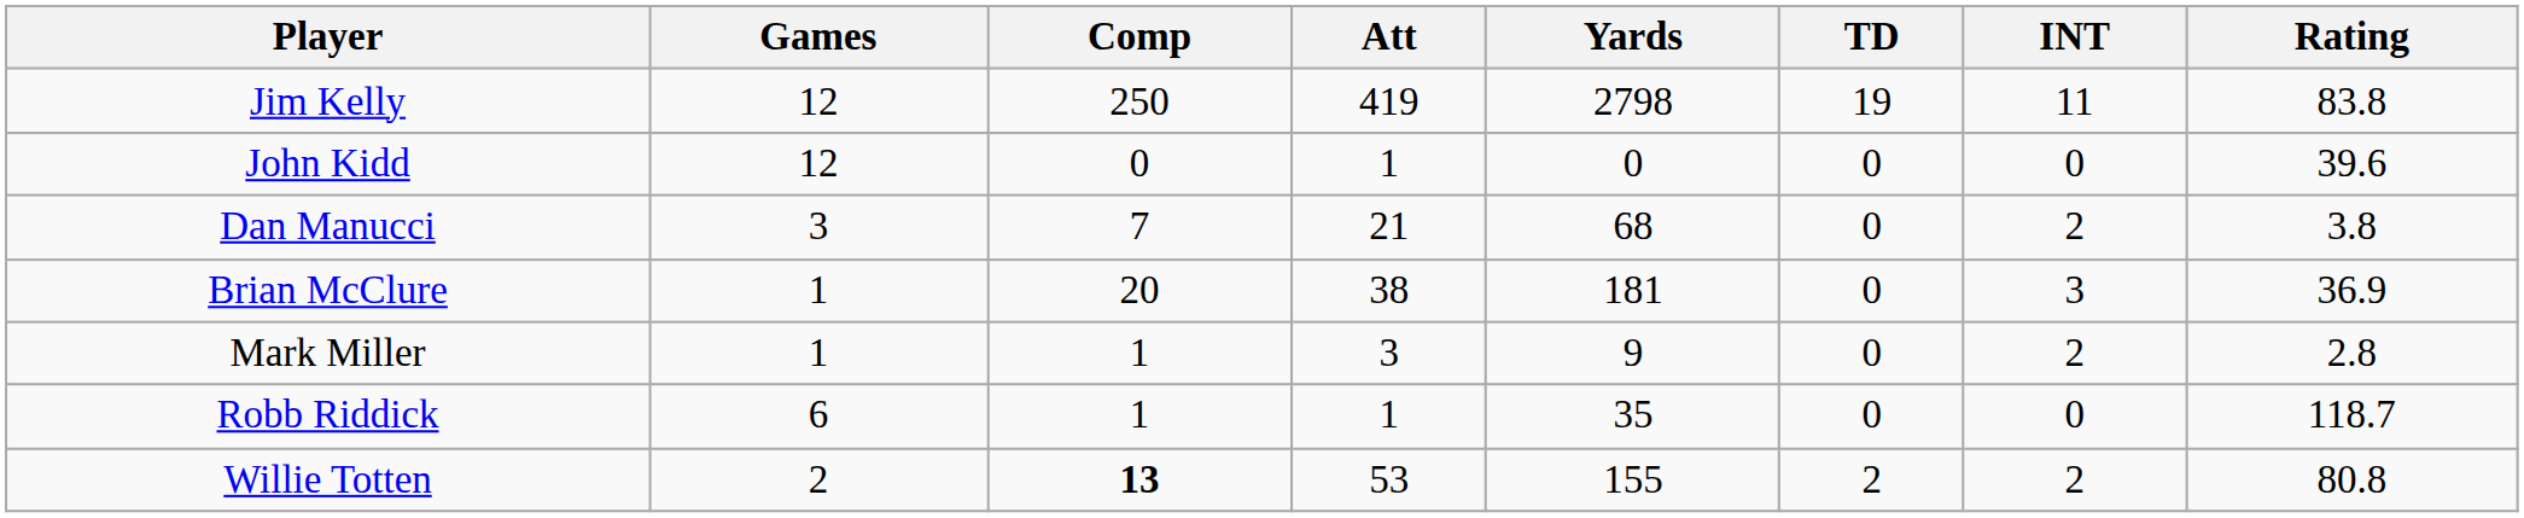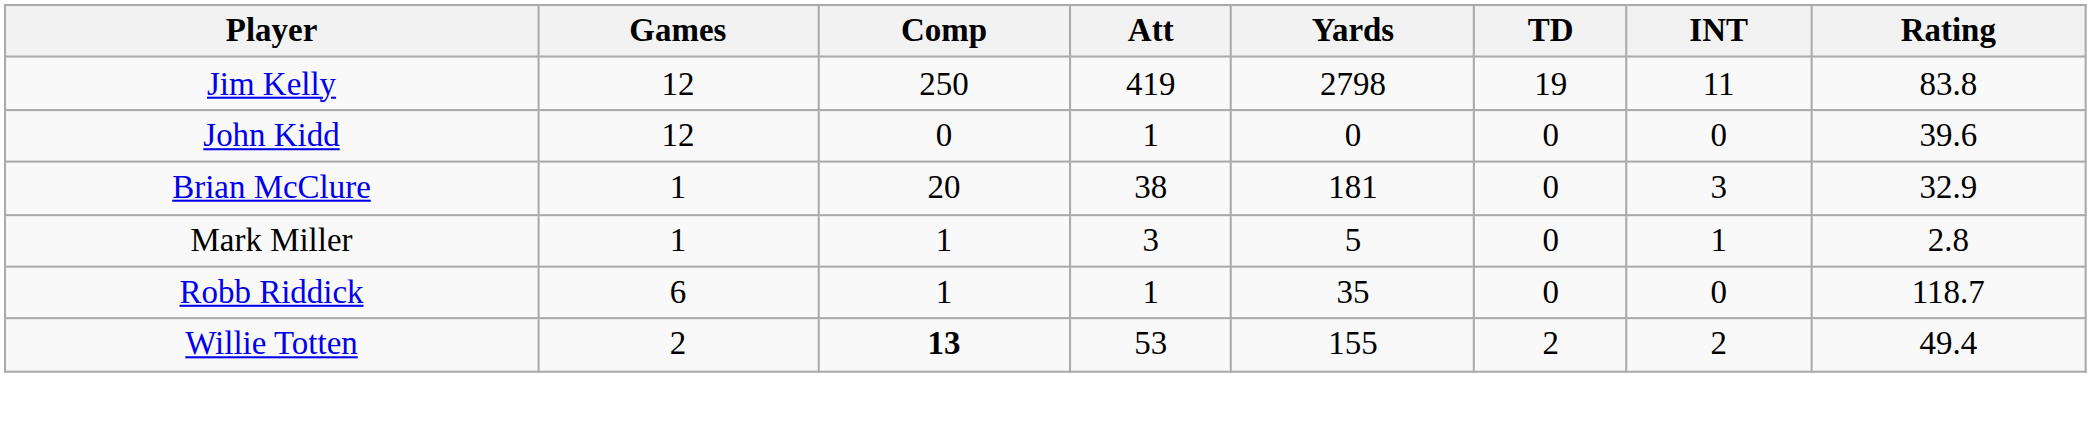 <table class="wikitable" style="width:80%;">
 <tr>
 <th>Player</th>
 <th>Games</th>
 <th>Comp</th>
 <th>Att</th>
 <th>Yards</th>
 <th>TD</th>
 <th>INT</th>
 <th>Rating</th>
 </tr>
 <tr style="text-align:center;" bgcolor="">
 <td><a href='#'>Jim Kelly</a></td>
 <td>12</td>
 <td>250</td>
 <td>419</td>
 <td>2798</td>
 <td>19</td>
 <td>11</td>
 <td>83.8</td>
 </tr>
 <tr style="text-align:center;" bgcolor="">
 <td><a href='#'>John Kidd</a></td>
 <td>12</td>
 <td>0</td>
 <td>1</td>
 <td>0</td>
 <td>0</td>
 <td>0</td>
 <td>39.6</td>
 </tr>
 <tr style="text-align:center;" bgcolor="">
-<td><a href='#'>Dan Manucci</a></td>
-<td>3</td>
-<td>7</td>
-<td>21</td>
-<td>68</td>
-<td>0</td>
-<td>2</td>
-<td>3.8</td>
-</tr>
-<tr style="text-align:center;" bgcolor="">
 <td><a href='#'>Brian McClure</a></td>
 <td>1</td>
 <td>20</td>
 <td>38</td>
 <td>181</td>
 <td>0</td>
 <td>3</td>
-<td>36.9</td>
+<td>32.9</td>
 </tr>
 <tr style="text-align:center;" bgcolor="">
 <td>Mark Miller</td>
 <td>1</td>
 <td>1</td>
 <td>3</td>
-<td>9</td>
+<td>5</td>
 <td>0</td>
-<td>2</td>
+<td>1</td>
 <td>2.8</td>
 </tr>
 <tr style="text-align:center;" bgcolor="">
 <td><a href='#'>Robb Riddick</a></td>
 <td>6</td>
 <td>1</td>
 <td>1</td>
 <td>35</td>
 <td>0</td>
 <td>0</td>
 <td>118.7</td>
 </tr>
 <tr style="text-align:center;" bgcolor="">
 <td><a href='#'>Willie Totten</a></td>
 <td>2</td>
 <td><strong>13</strong></td>
 <td>53</td>
 <td>155</td>
 <td>2</td>
 <td>2</td>
-<td>80.8</td>
+<td>49.4</td>
 </tr>
 </table>
